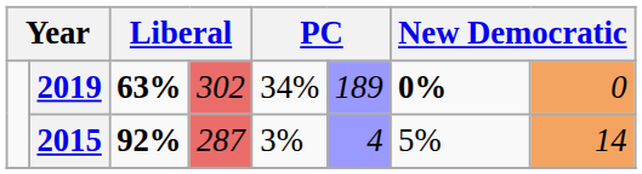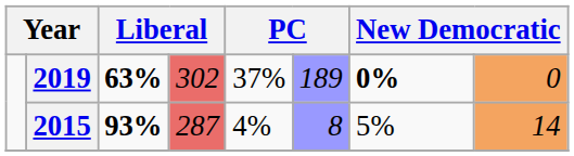 <table class="wikitable" style="float:right; width:400; font-size:90%; margin-left:1em;">
 <tr>
 <th colspan="2" scope="col">Year</th>
 <th colspan="2" scope="col"><a href='#'>Liberal</a></th>
 <th colspan="2" scope="col"><a href='#'>PC</a></th>
 <th colspan="2" scope="col"><a href='#'>New Democratic</a></th>
 </tr>
 <tr>
 <td rowspan="2" style="width: 0.25em; background-color: "></td>
 <th><a href='#'>2019</a></th>
 <td><strong>63%</strong></td>
 <td style="text-align:right; background:#EA6D6A;"><em>302</em></td>
-<td>34%</td>
+<td>37%</td>
 <td style="text-align:right; background:#9999FF;"><em>189</em></td>
 <td><strong>0%</strong></td>
 <td style="text-align:right; background:#F4A460;"><em>0</em></td>
 </tr>
 <tr>
 <th><a href='#'>2015</a></th>
-<td><strong>92%</strong></td>
+<td><strong>93%</strong></td>
 <td style="text-align:right; background:#EA6D6A;"><em>287</em></td>
-<td>3%</td>
-<td style="text-align:right; background:#9999FF;"><em>4</em></td>
+<td>4%</td>
+<td style="text-align:right; background:#9999FF;"><em>8</em></td>
 <td>5%</td>
 <td style="text-align:right; background:#F4A460;"><em>14</em></td>
 </tr>
 <tr>
 </tr>
 </table>
